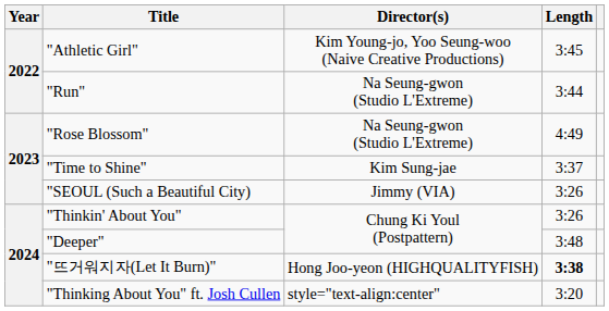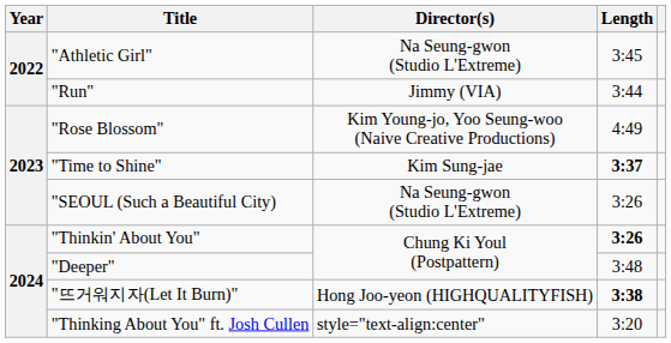 <table class="wikitable plainrowheaders">
 <tr>
 <th scope="col">Year</th>
 <th scope="col">Title</th>
 <th scope="col">Director(s)</th>
 <th>Length</th>
 <th scope="col"></th>
 </tr>
 <tr>
 <th rowspan="2" scope="row">2022</th>
 <td>"Athletic Girl"</td>
-<td style="text-align:center">Kim Young-jo, Yoo Seung-woo<br>(Naive Creative Productions)</td>
+<td style="text-align:center">Na Seung-gwon<br>(Studio L'Extreme)</td>
 <td style="text-align:center">3:45</td>
 <td style="text-align:center"></td>
 </tr>
 <tr>
 <td>"Run"</td>
-<td style="text-align:center">Na Seung-gwon<br>(Studio L'Extreme)</td>
+<td style="text-align:center">Jimmy (VIA)</td>
 <td style="text-align:center">3:44</td>
 <td style="text-align:center"></td>
 </tr>
 <tr>
 <th rowspan="3" scope="row">2023</th>
 <td>"Rose Blossom"</td>
-<td style="text-align:center">Na Seung-gwon<br>(Studio L'Extreme)</td>
+<td style="text-align:center">Kim Young-jo, Yoo Seung-woo<br>(Naive Creative Productions)</td>
 <td style="text-align:center">4:49</td>
 <td style="text-align:center"></td>
 </tr>
 <tr>
 <td>"Time to Shine"</td>
 <td style="text-align:center">Kim Sung-jae</td>
-<td style="text-align:center">3:37</td>
+<td style="text-align:center"><strong>3:37</strong></td>
 <td style="text-align:center"></td>
 </tr>
 <tr>
 <td>"SEOUL (Such a Beautiful City)</td>
-<td style="text-align:center">Jimmy (VIA)</td>
+<td style="text-align:center">Na Seung-gwon<br>(Studio L'Extreme)</td>
 <td style="text-align:center">3:26</td>
 <td style="text-align:center"></td>
 </tr>
 <tr>
 <th rowspan="4" scope="row">2024</th>
 <td scope="row">"Thinkin' About You"</td>
 <td style="text-align:center" rowspan="2">Chung Ki Youl<br>(Postpattern)</td>
-<td style="text-align:center">3:26</td>
+<td style="text-align:center"><strong>3:26</strong></td>
 <td></td>
 </tr>
 <tr>
 <td scope="row">"Deeper"</td>
 <td style="text-align:center">3:48</td>
 <td></td>
 </tr>
 <tr>
 <td scope="row">"뜨거워지자(Let It Burn)"</td>
 <td style="text-align:center">Hong Joo-yeon (HIGHQUALITYFISH)</td>
 <td style="text-align:center"><strong>3:38</strong></td>
 <td></td>
 </tr>
 <tr>
 <td scope="row">"Thinking About You" ft. <a href='#'>Josh Cullen</a></td>
 <td>style="text-align:center"  </td>
 <td style="text-align:center">3:20</td>
 <td></td>
 </tr>
 </table>
